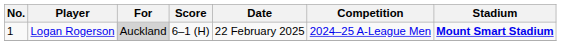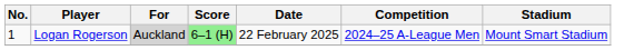 <table class="wikitable">
 <tr>
 <th>No.</th>
 <th>Player</th>
 <th>For</th>
 <th>Score</th>
 <th>Date</th>
 <th>Competition</th>
 <th>Stadium</th>
 </tr>
 <tr>
 <td>1</td>
 <td> <a href='#'>Logan Rogerson</a></td>
 <td style="background: lightgrey;">Auckland</td>
-<td>6–1 (H)</td>
+<td style="background: lightgreen;">6–1 (H)</td>
 <td>22 February 2025</td>
 <td><a href='#'>2024–25 A-League Men</a></td>
-<td><strong><a href='#'>Mount Smart Stadium</a></strong></td>
+<td><a href='#'>Mount Smart Stadium</a></td>
 </tr>
 <tr>
 </tr>
 </table>
